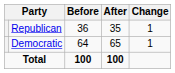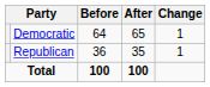 <table class="wikitable" style="text-align:center;">
 <tr>
 <th colspan="2">Party</th>
 <th>Before</th>
 <th>After</th>
 <th>Change</th>
 </tr>
 <tr>
 <th style="background-color:"></th>
-<td style="text-align:left;"><a href='#'>Republican</a></td>
-<td>36</td>
-<td>35</td>
+<td style="text-align:left;"><a href='#'>Democratic</a></td>
+<td>64</td>
+<td>65</td>
 <td> 1</td>
 </tr>
 <tr>
 <th style="background-color:"></th>
-<td style="text-align:left;"><a href='#'>Democratic</a></td>
-<td>64</td>
-<td>65</td>
+<td style="text-align:left;"><a href='#'>Republican</a></td>
+<td>36</td>
+<td>35</td>
 <td> 1</td>
 </tr>
 <tr>
 <td colspan="2"><strong>Total</strong></td>
 <td><strong>100</strong></td>
 <td><strong>100</strong></td>
 <td></td>
 </tr>
 </table>
